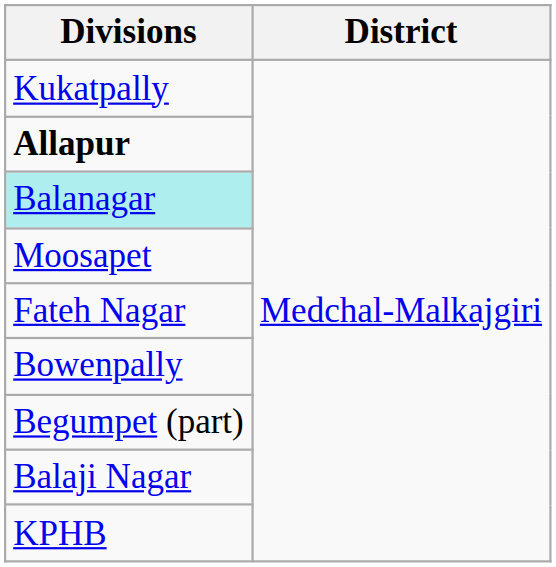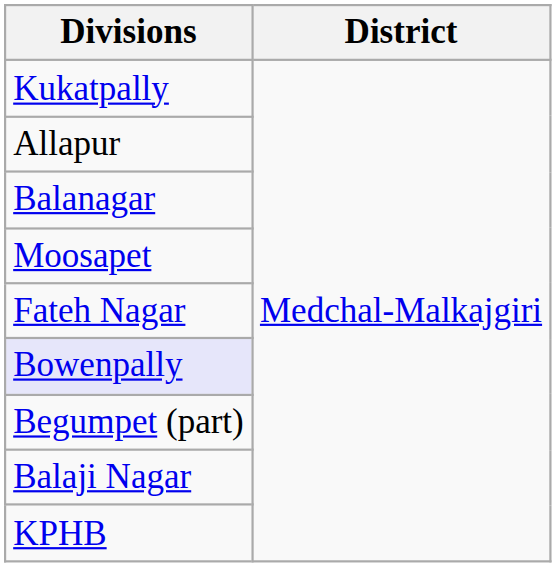 <table class="wikitable sortable static-row-numbers static-row-header-hash">
 <tr>
 <th>Divisions</th>
 <th>District</th>
 </tr>
 <tr>
 <td><a href='#'>Kukatpally</a></td>
 <td rowspan=9><a href='#'>Medchal-Malkajgiri</a></td>
 </tr>
 <tr>
-<td><strong>Allapur</strong></td>
+<td>Allapur</td>
 </tr>
 <tr>
-<td style="background: paleturquoise;"><a href='#'>Balanagar</a></td>
+<td><a href='#'>Balanagar</a></td>
 </tr>
 <tr>
 <td><a href='#'>Moosapet</a></td>
 </tr>
 <tr>
 <td><a href='#'>Fateh Nagar</a></td>
 </tr>
 <tr>
-<td><a href='#'>Bowenpally</a></td>
+<td style="background: lavender;"><a href='#'>Bowenpally</a></td>
 </tr>
 <tr>
 <td><a href='#'>Begumpet</a> (part)</td>
 </tr>
 <tr>
 <td><a href='#'>Balaji Nagar</a></td>
 </tr>
 <tr>
 <td><a href='#'>KPHB</a></td>
 </tr>
 </table>
